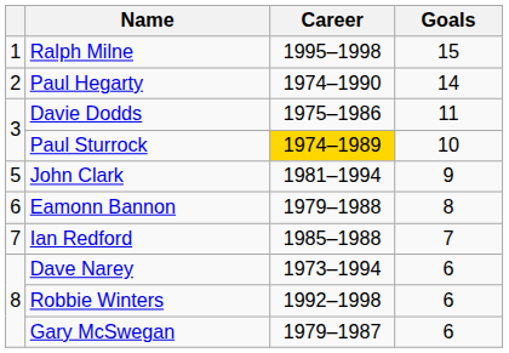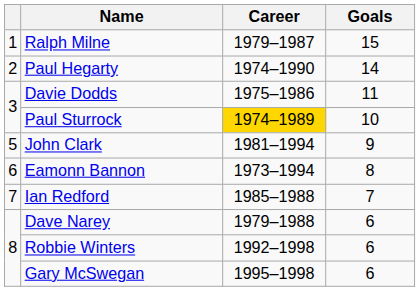 <table class="wikitable" style="text-align: center;">
 <tr>
 <th></th>
 <th style="width: 12em;">Name</th>
 <th style="width: 5em;">     Career     </th>
 <th style="width: 5em;">Goals</th>
 </tr>
 <tr>
 <td style="text-align:right;">1</td>
 <td style="text-align:left;"> <a href='#'>Ralph Milne</a></td>
-<td>1995–1998</td>
+<td>1979–1987</td>
 <td>15</td>
 </tr>
 <tr>
 <td style="text-align:right;">2</td>
 <td style="text-align:left;"> <a href='#'>Paul Hegarty</a></td>
 <td>1974–1990</td>
 <td>14</td>
 </tr>
 <tr>
 <td style="text-align:right;" rowspan="2">3</td>
 <td style="text-align:left;"> <a href='#'>Davie Dodds</a></td>
 <td>1975–1986</td>
 <td>11</td>
 </tr>
 <tr>
 <td style="text-align:left;"> <a href='#'>Paul Sturrock</a></td>
 <td style="background: gold;">1974–1989</td>
 <td>10</td>
 </tr>
 <tr>
 <td style="text-align:right;">5</td>
 <td style="text-align:left;"> <a href='#'>John Clark</a></td>
 <td>1981–1994</td>
 <td>9</td>
 </tr>
 <tr>
 <td style="text-align:right;">6</td>
 <td style="text-align:left;"> <a href='#'>Eamonn Bannon</a></td>
-<td>1979–1988</td>
+<td>1973–1994</td>
 <td>8</td>
 </tr>
 <tr>
 <td style="text-align:right;">7</td>
 <td style="text-align:left;"> <a href='#'>Ian Redford</a></td>
 <td>1985–1988</td>
 <td>7</td>
 </tr>
 <tr>
 <td style="text-align:right;" rowspan="3">8</td>
 <td style="text-align:left;"> <a href='#'>Dave Narey</a></td>
-<td>1973–1994</td>
+<td>1979–1988</td>
 <td>6</td>
 </tr>
 <tr>
 <td style="text-align:left;"> <a href='#'>Robbie Winters</a></td>
 <td>1992–1998</td>
 <td>6</td>
 </tr>
 <tr>
 <td style="text-align:left;"> <a href='#'>Gary McSwegan</a></td>
-<td>1979–1987</td>
+<td>1995–1998</td>
 <td>6</td>
 </tr>
 </table>
